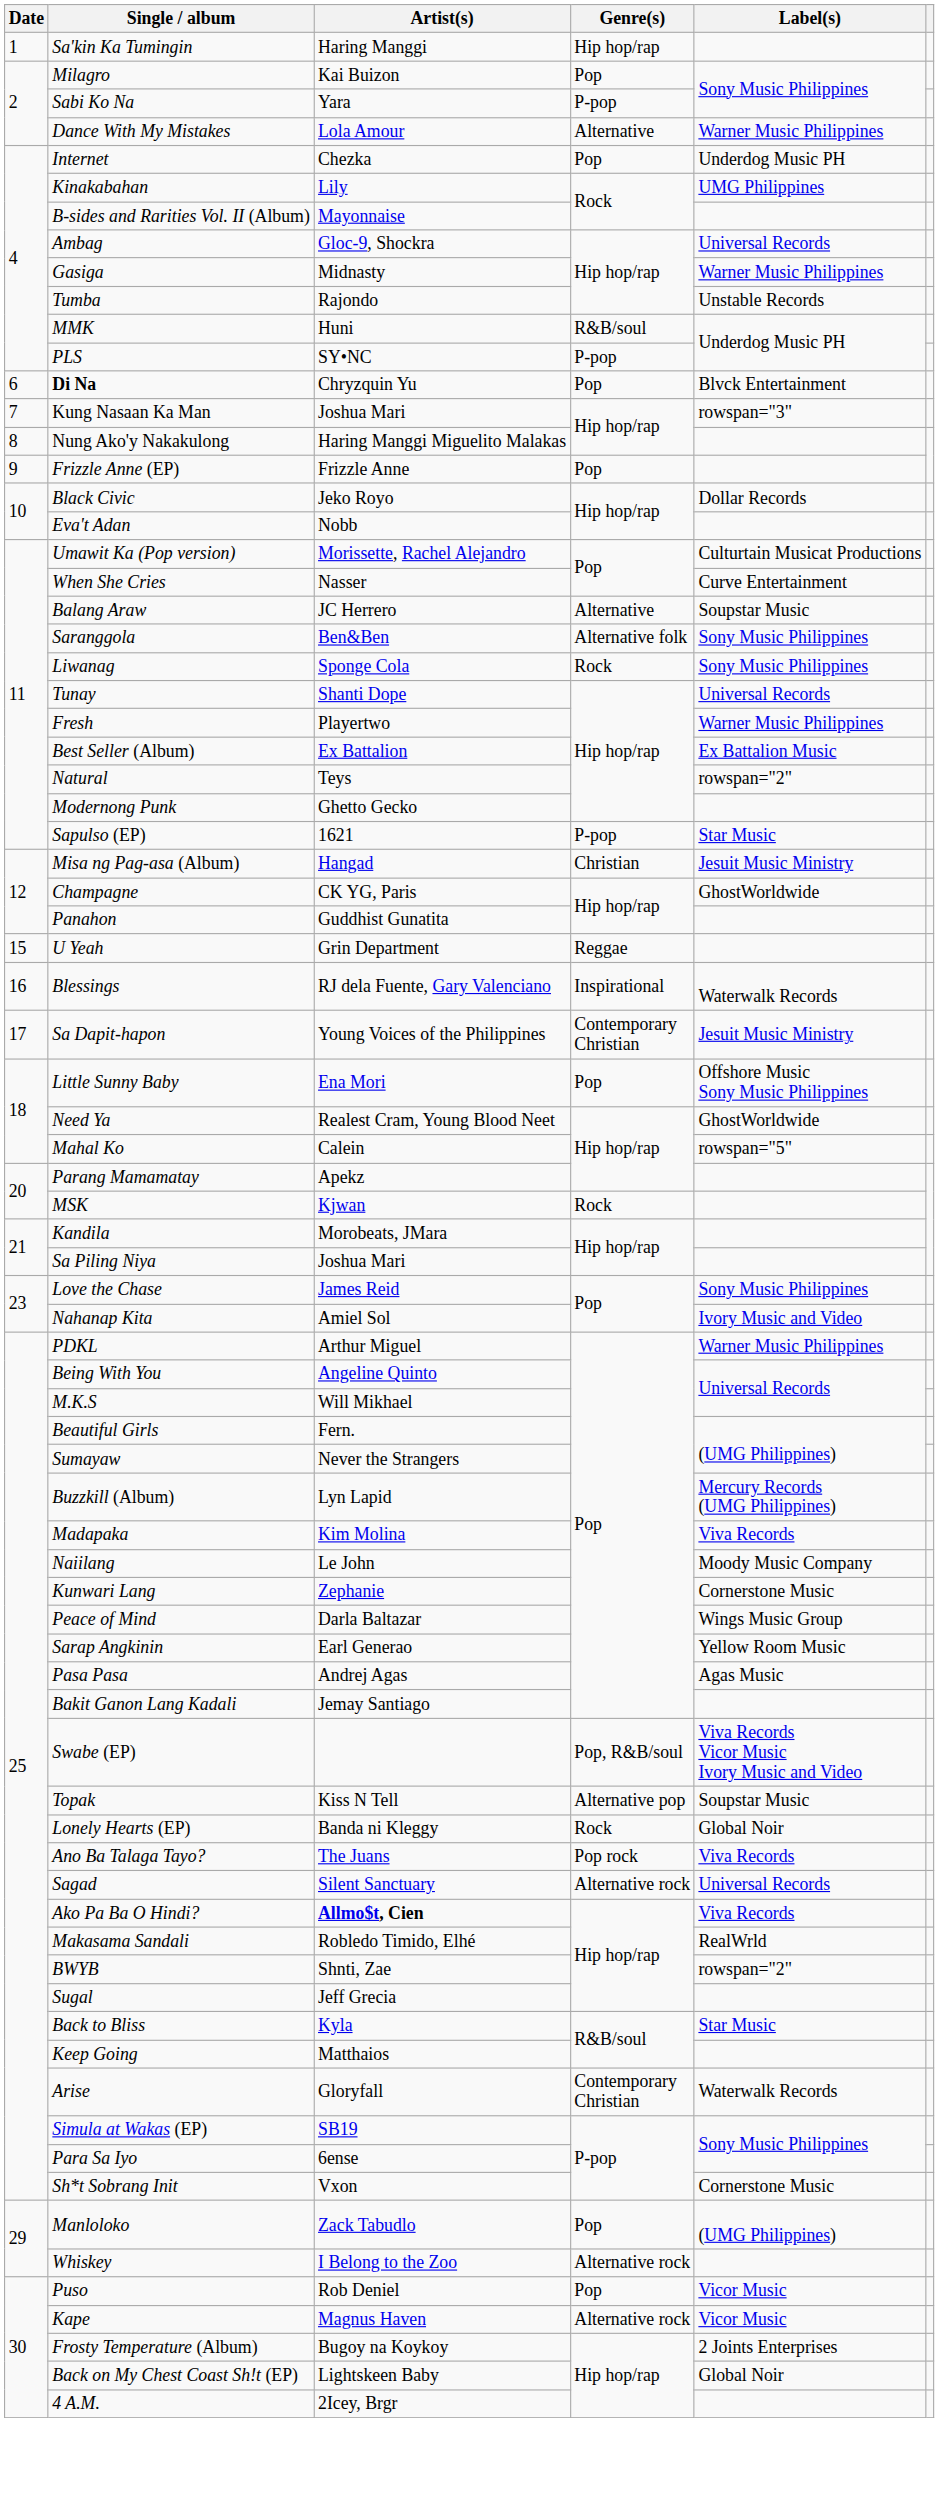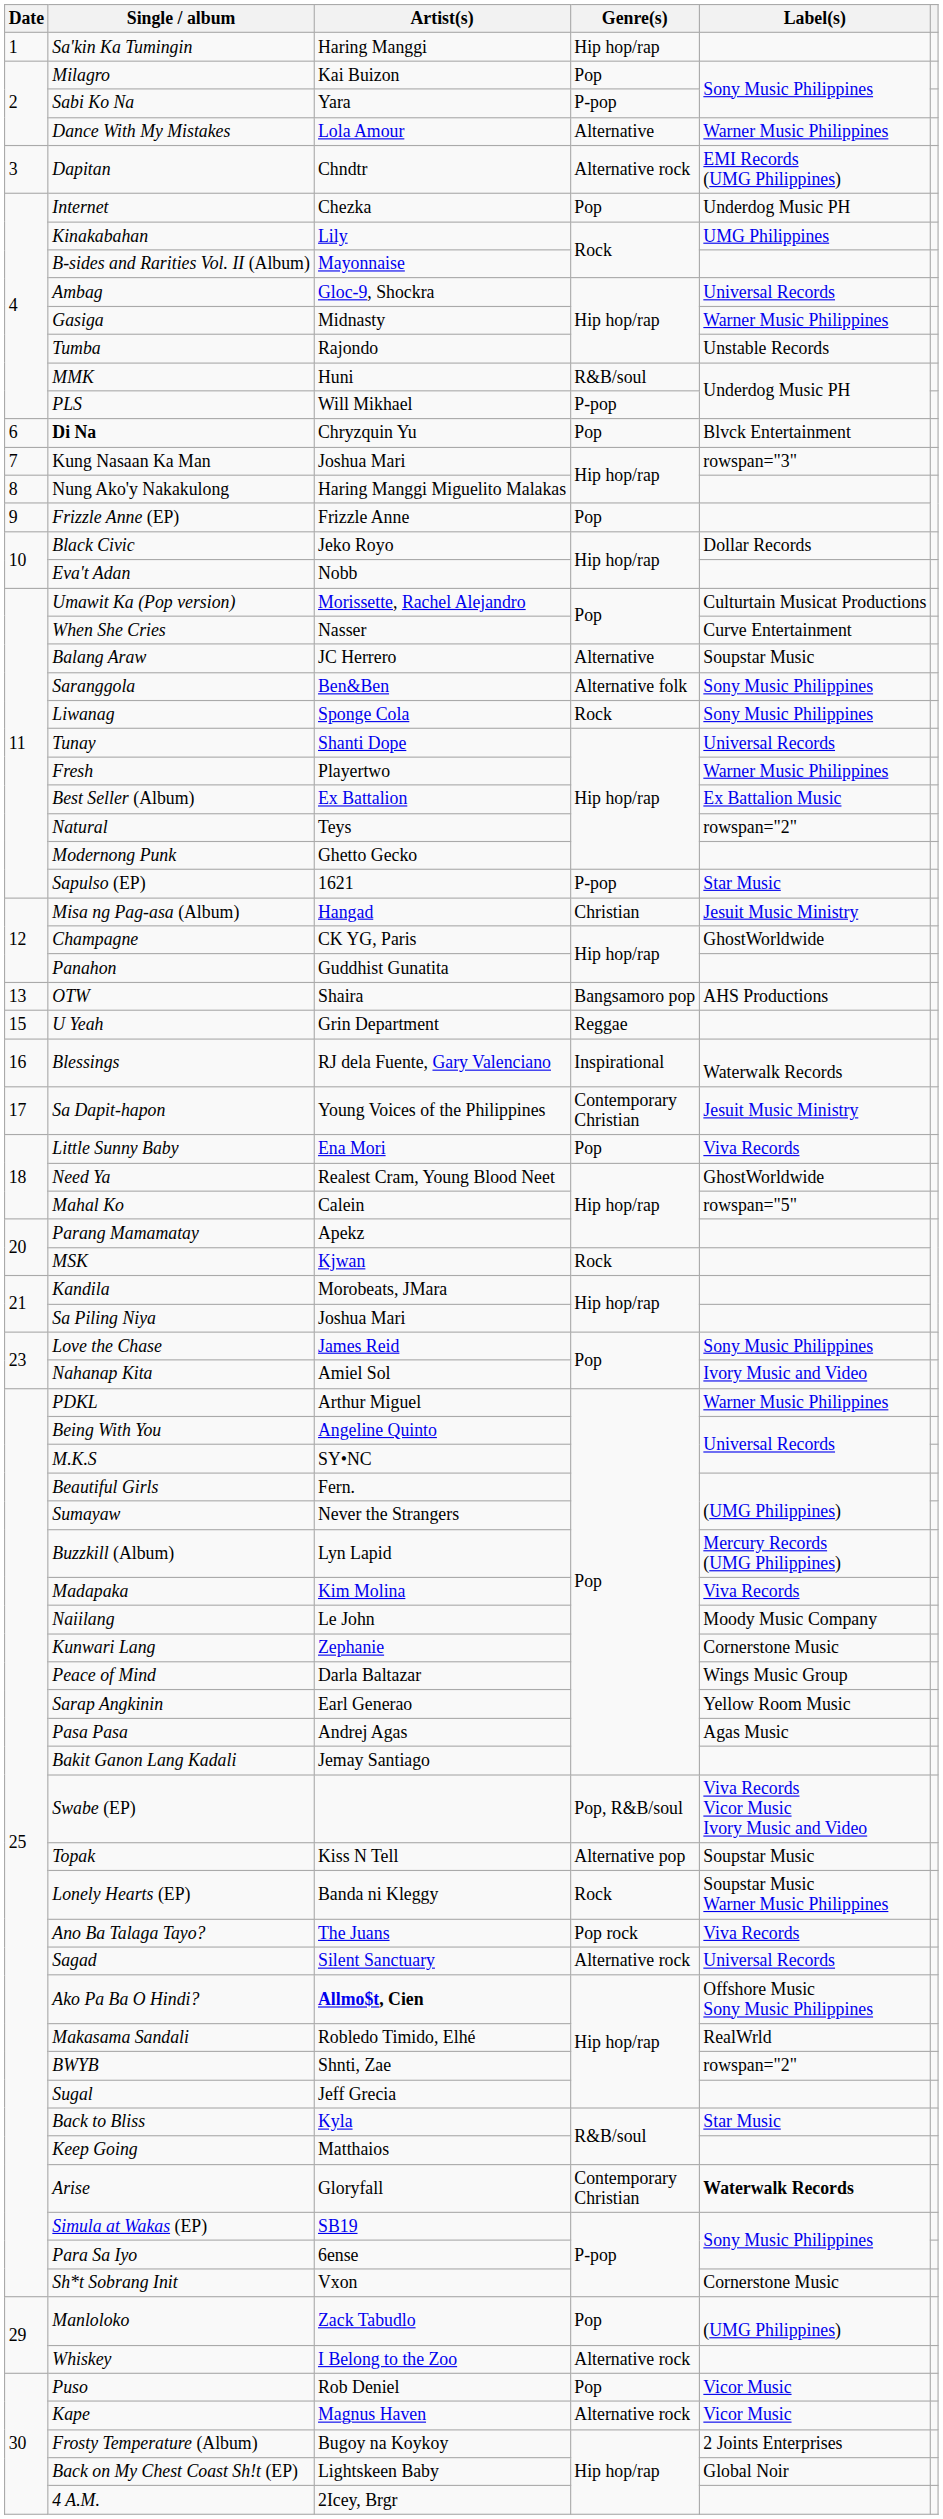 <table class="wikitable">
 <tr>
 <th>Date</th>
 <th>Single / album</th>
 <th>Artist(s)</th>
 <th>Genre(s)</th>
 <th>Label(s)</th>
 <th></th>
 </tr>
 <tr>
 <td>1</td>
 <td><em>Sa'kin Ka Tumingin</em></td>
 <td>Haring Manggi</td>
 <td>Hip hop/rap</td>
 <td></td>
 <td></td>
 </tr>
 <tr>
 <td rowspan="3">2</td>
 <td><em>Milagro</em></td>
 <td>Kai Buizon</td>
 <td>Pop</td>
 <td rowspan="2"><a href='#'>Sony Music Philippines</a></td>
 <td></td>
 </tr>
 <tr>
 <td><em>Sabi Ko Na</em></td>
 <td>Yara</td>
 <td>P-pop</td>
 <td></td>
 </tr>
 <tr>
 <td><em>Dance With My Mistakes</em></td>
 <td><a href='#'>Lola Amour</a></td>
 <td>Alternative</td>
 <td><a href='#'>Warner Music Philippines</a></td>
+<td></td>
+</tr>
+<tr>
+<td>3</td>
+<td><em>Dapitan</em></td>
+<td>Chndtr</td>
+<td>Alternative rock</td>
+<td><a href='#'>EMI Records</a><br>(<a href='#'>UMG Philippines</a>)</td>
 <td></td>
 </tr>
 <tr>
 <td rowspan="8">4</td>
 <td><em>Internet</em></td>
 <td>Chezka</td>
 <td>Pop</td>
 <td>Underdog Music PH</td>
 <td></td>
 </tr>
 <tr>
 <td><em>Kinakabahan</em></td>
 <td><a href='#'>Lily</a></td>
 <td rowspan="2">Rock</td>
 <td><a href='#'>UMG Philippines</a></td>
 <td></td>
 </tr>
 <tr>
 <td><em>B-sides and Rarities Vol. II</em> (Album)</td>
 <td><a href='#'>Mayonnaise</a></td>
 <td></td>
 <td></td>
 </tr>
 <tr>
 <td><em>Ambag</em></td>
 <td><a href='#'>Gloc-9</a>, Shockra</td>
 <td rowspan="3">Hip hop/rap</td>
 <td><a href='#'>Universal Records</a></td>
 <td></td>
 </tr>
 <tr>
 <td><em>Gasiga</em></td>
 <td>Midnasty</td>
 <td><a href='#'>Warner Music Philippines</a></td>
 <td></td>
 </tr>
 <tr>
 <td><em>Tumba</em></td>
 <td>Rajondo</td>
 <td>Unstable Records</td>
 <td></td>
 </tr>
 <tr>
 <td><em>MMK</em></td>
 <td>Huni</td>
 <td>R&B/soul</td>
 <td rowspan="2">Underdog Music PH</td>
 <td></td>
 </tr>
 <tr>
 <td><em>PLS</em></td>
-<td>SY•NC</td>
+<td>Will Mikhael</td>
 <td>P-pop</td>
 <td></td>
 </tr>
 <tr>
 <td>6</td>
 <td><strong>Di Na<em></td>
 <td>Chryzquin Yu</td>
 <td>Pop</td>
 <td>Blvck Entertainment</td>
 <td></td>
 </tr>
 <tr>
 <td>7</td>
 <td></em>Kung Nasaan Ka Man<em></td>
 <td>Joshua Mari</td>
 <td rowspan="2">Hip hop/rap</td>
 <td>rowspan="3" </td>
 <td></td>
 </tr>
 <tr>
 <td>8</td>
 <td></strong>Nung Ako'y Nakakulong</em></td>
 <td>Haring Manggi Miguelito Malakas</td>
 <td></td>
 </tr>
 <tr>
 <td>9</td>
 <td><em>Frizzle Anne</em> (EP)</td>
 <td>Frizzle Anne</td>
 <td>Pop</td>
 <td></td>
 </tr>
 <tr>
 <td rowspan="2">10</td>
 <td><em>Black Civic</em></td>
 <td>Jeko Royo</td>
 <td rowspan="2">Hip hop/rap</td>
 <td>Dollar Records</td>
 <td></td>
 </tr>
 <tr>
 <td><em>Eva't Adan</em></td>
 <td>Nobb</td>
 <td></td>
 <td></td>
 </tr>
 <tr>
 <td rowspan="11">11</td>
 <td><em>Umawit Ka (Pop version)</em></td>
 <td><a href='#'>Morissette</a>, <a href='#'>Rachel Alejandro</a></td>
 <td rowspan="2">Pop</td>
 <td>Culturtain Musicat Productions</td>
 <td></td>
 </tr>
 <tr>
 <td><em>When She Cries</em></td>
 <td>Nasser</td>
 <td>Curve Entertainment</td>
 <td></td>
 </tr>
 <tr>
 <td><em>Balang Araw</em></td>
 <td>JC Herrero</td>
 <td>Alternative</td>
 <td>Soupstar Music</td>
 <td></td>
 </tr>
 <tr>
 <td><em>Saranggola</em></td>
 <td><a href='#'>Ben&Ben</a></td>
 <td>Alternative folk</td>
 <td><a href='#'>Sony Music Philippines</a></td>
 <td></td>
 </tr>
 <tr>
 <td><em>Liwanag</em></td>
 <td><a href='#'>Sponge Cola</a></td>
 <td>Rock</td>
 <td><a href='#'>Sony Music Philippines</a></td>
 <td></td>
 </tr>
 <tr>
 <td><em>Tunay</em></td>
 <td><a href='#'>Shanti Dope</a></td>
 <td rowspan="5">Hip hop/rap</td>
 <td><a href='#'>Universal Records</a></td>
 <td></td>
 </tr>
 <tr>
 <td><em>Fresh</em></td>
 <td>Playertwo</td>
 <td><a href='#'>Warner Music Philippines</a></td>
 <td></td>
 </tr>
 <tr>
 <td><em>Best Seller</em> (Album)</td>
 <td><a href='#'>Ex Battalion</a></td>
 <td><a href='#'>Ex Battalion Music</a></td>
 <td></td>
 </tr>
 <tr>
 <td><em>Natural</em></td>
 <td>Teys</td>
 <td>rowspan="2" </td>
 <td></td>
 </tr>
 <tr>
 <td><em>Modernong Punk</em></td>
 <td>Ghetto Gecko</td>
 <td></td>
 </tr>
 <tr>
 <td><em>Sapulso</em> (EP)</td>
 <td>1621</td>
 <td>P-pop</td>
 <td><a href='#'>Star Music</a></td>
 <td></td>
 </tr>
 <tr>
 <td rowspan="3">12</td>
 <td><em>Misa ng Pag-asa</em> (Album)</td>
 <td><a href='#'>Hangad</a></td>
 <td>Christian</td>
 <td><a href='#'>Jesuit Music Ministry</a></td>
 <td></td>
 </tr>
 <tr>
 <td><em>Champagne</em></td>
 <td>CK YG, Paris</td>
 <td rowspan="2">Hip hop/rap</td>
 <td>GhostWorldwide</td>
 <td></td>
 </tr>
 <tr>
 <td><em>Panahon</em></td>
 <td>Guddhist Gunatita</td>
 <td></td>
 <td></td>
 </tr>
 <tr>
+<td>13</td>
+<td><em>OTW</em></td>
+<td>Shaira</td>
+<td>Bangsamoro pop</td>
+<td>AHS Productions</td>
+<td></td>
+</tr>
+<tr>
 <td>15</td>
 <td><em>U Yeah</em></td>
 <td>Grin Department</td>
 <td>Reggae</td>
 <td></td>
 <td></td>
 </tr>
 <tr>
 <td>16</td>
 <td><em>Blessings</em></td>
 <td>RJ dela Fuente, <a href='#'>Gary Valenciano</a></td>
 <td>Inspirational</td>
 <td><br>Waterwalk Records</td>
 <td></td>
 </tr>
 <tr>
 <td>17</td>
 <td><em>Sa Dapit-hapon</em></td>
 <td>Young Voices of the Philippines</td>
 <td>Contemporary<br>Christian</td>
 <td><a href='#'>Jesuit Music Ministry</a></td>
 <td></td>
 </tr>
 <tr>
 <td rowspan="3">18</td>
 <td><em>Little Sunny Baby</em></td>
 <td><a href='#'>Ena Mori</a></td>
 <td>Pop</td>
-<td>Offshore Music<br><a href='#'>Sony Music Philippines</a></td>
+<td><a href='#'>Viva Records</a></td>
 <td></td>
 </tr>
 <tr>
 <td><em>Need Ya</em></td>
 <td>Realest Cram, Young Blood Neet</td>
 <td rowspan="3">Hip hop/rap</td>
 <td>GhostWorldwide</td>
 <td></td>
 </tr>
 <tr>
 <td><em>Mahal Ko</em></td>
 <td>Calein</td>
 <td>rowspan="5" </td>
 <td></td>
 </tr>
 <tr>
 <td rowspan="2">20</td>
 <td><em>Parang Mamamatay</em></td>
 <td>Apekz</td>
 <td></td>
 </tr>
 <tr>
 <td><em>MSK</em></td>
 <td><a href='#'>Kjwan</a></td>
 <td>Rock</td>
 <td></td>
 </tr>
 <tr>
 <td rowspan="2">21</td>
 <td><em>Kandila</em></td>
 <td>Morobeats, JMara</td>
 <td rowspan="2">Hip hop/rap</td>
 <td></td>
 </tr>
 <tr>
 <td><em>Sa Piling Niya</em></td>
 <td>Joshua Mari</td>
 <td></td>
 </tr>
 <tr>
 <td rowspan="2">23</td>
 <td><em>Love the Chase</em></td>
 <td><a href='#'>James Reid</a></td>
 <td rowspan="2">Pop</td>
 <td><a href='#'>Sony Music Philippines</a></td>
 <td></td>
 </tr>
 <tr>
 <td><em>Nahanap Kita</em></td>
 <td>Amiel Sol</td>
 <td><a href='#'>Ivory Music and Video</a></td>
 <td></td>
 </tr>
 <tr>
 <td rowspan="28">25</td>
 <td><em>PDKL</em></td>
 <td>Arthur Miguel</td>
 <td rowspan="13">Pop</td>
 <td><a href='#'>Warner Music Philippines</a></td>
 <td></td>
 </tr>
 <tr>
 <td><em>Being With You</em></td>
 <td><a href='#'>Angeline Quinto</a></td>
 <td rowspan="2"><a href='#'>Universal Records</a></td>
 <td></td>
 </tr>
 <tr>
 <td><em>M.K.S</em></td>
-<td>Will Mikhael</td>
+<td>SY•NC</td>
 <td></td>
 </tr>
 <tr>
 <td><em>Beautiful Girls</em></td>
 <td>Fern.</td>
 <td rowspan="2"><br>(<a href='#'>UMG Philippines</a>)</td>
 <td></td>
 </tr>
 <tr>
 <td><em>Sumayaw</em></td>
 <td>Never the Strangers</td>
 <td></td>
 </tr>
 <tr>
 <td><em>Buzzkill</em> (Album)</td>
 <td>Lyn Lapid</td>
 <td><a href='#'>Mercury Records</a><br>(<a href='#'>UMG Philippines</a>)</td>
 <td></td>
 </tr>
 <tr>
 <td><em>Madapaka</em></td>
 <td><a href='#'>Kim Molina</a></td>
 <td><a href='#'>Viva Records</a></td>
 <td></td>
 </tr>
 <tr>
 <td><em>Naiilang</em></td>
 <td>Le John</td>
 <td>Moody Music Company</td>
 <td></td>
 </tr>
 <tr>
 <td><em>Kunwari Lang</em></td>
 <td><a href='#'>Zephanie</a></td>
 <td>Cornerstone Music</td>
 <td></td>
 </tr>
 <tr>
 <td><em>Peace of Mind</em></td>
 <td>Darla Baltazar</td>
 <td>Wings Music Group</td>
 <td></td>
 </tr>
 <tr>
 <td><em>Sarap Angkinin</em></td>
 <td>Earl Generao</td>
 <td>Yellow Room Music</td>
 <td></td>
 </tr>
 <tr>
 <td><em>Pasa Pasa</em></td>
 <td>Andrej Agas</td>
 <td>Agas Music</td>
 <td></td>
 </tr>
 <tr>
 <td><em>Bakit Ganon Lang Kadali</em></td>
 <td>Jemay Santiago</td>
 <td></td>
 <td></td>
 </tr>
 <tr>
 <td><em>Swabe</em> (EP)</td>
 <td></td>
 <td>Pop, R&B/soul</td>
 <td><a href='#'>Viva Records</a><br><a href='#'>Vicor Music</a><br><a href='#'>Ivory Music and Video</a></td>
 <td></td>
 </tr>
 <tr>
 <td><em>Topak</em></td>
 <td>Kiss N Tell</td>
 <td>Alternative pop</td>
 <td>Soupstar Music</td>
 <td></td>
 </tr>
 <tr>
 <td><em>Lonely Hearts</em> (EP)</td>
 <td>Banda ni Kleggy</td>
 <td>Rock</td>
-<td>Global Noir</td>
+<td>Soupstar Music<br><a href='#'>Warner Music Philippines</a></td>
 <td></td>
 </tr>
 <tr>
 <td><em>Ano Ba Talaga Tayo?</em></td>
 <td><a href='#'>The Juans</a></td>
 <td>Pop rock</td>
 <td><a href='#'>Viva Records</a></td>
 <td></td>
 </tr>
 <tr>
 <td><em>Sagad</em></td>
 <td><a href='#'>Silent Sanctuary</a></td>
 <td>Alternative rock</td>
 <td><a href='#'>Universal Records</a></td>
 <td></td>
 </tr>
 <tr>
 <td><em>Ako Pa Ba O Hindi?</em></td>
 <td><strong><a href='#'>Allmo$t</a>, Cien</strong></td>
 <td rowspan="4">Hip hop/rap</td>
-<td><a href='#'>Viva Records</a></td>
+<td>Offshore Music<br><a href='#'>Sony Music Philippines</a></td>
 <td></td>
 </tr>
 <tr>
 <td><em>Makasama Sandali</em></td>
 <td>Robledo Timido, Elhé</td>
 <td>RealWrld</td>
 <td></td>
 </tr>
 <tr>
 <td><em>BWYB</em></td>
 <td>Shnti, Zae</td>
 <td>rowspan="2" </td>
 <td></td>
 </tr>
 <tr>
 <td><em>Sugal</em></td>
 <td>Jeff Grecia</td>
 <td></td>
 </tr>
 <tr>
 <td><em>Back to Bliss</em></td>
 <td><a href='#'>Kyla</a></td>
 <td rowspan="2">R&B/soul</td>
 <td><a href='#'>Star Music</a></td>
 <td></td>
 </tr>
 <tr>
 <td><em>Keep Going</em></td>
 <td>Matthaios</td>
 <td></td>
 <td></td>
 </tr>
 <tr>
 <td><em>Arise</em></td>
 <td>Gloryfall</td>
 <td>Contemporary<br>Christian</td>
-<td>Waterwalk Records</td>
+<td><strong>Waterwalk Records</strong></td>
 <td></td>
 </tr>
 <tr>
 <td><em><a href='#'>Simula at Wakas</a></em> (EP)</td>
 <td><a href='#'>SB19</a></td>
 <td rowspan="3">P-pop</td>
 <td rowspan="2"><a href='#'>Sony Music Philippines</a></td>
 <td></td>
 </tr>
 <tr>
 <td><em>Para Sa Iyo</em></td>
 <td>6ense</td>
 <td></td>
 </tr>
 <tr>
 <td><em>Sh*t Sobrang Init</em></td>
 <td>Vxon</td>
 <td>Cornerstone Music</td>
 <td></td>
 </tr>
 <tr>
 <td rowspan="2">29</td>
 <td><em>Manloloko</em></td>
 <td><a href='#'>Zack Tabudlo</a></td>
 <td>Pop</td>
 <td><br>(<a href='#'>UMG Philippines</a>)</td>
 <td></td>
 </tr>
 <tr>
 <td><em>Whiskey</em></td>
 <td><a href='#'>I Belong to the Zoo</a></td>
 <td>Alternative rock</td>
 <td></td>
 <td></td>
 </tr>
 <tr>
 <td rowspan="5">30</td>
 <td><em>Puso</em></td>
 <td>Rob Deniel</td>
 <td>Pop</td>
 <td><a href='#'>Vicor Music</a></td>
 <td></td>
 </tr>
 <tr>
 <td><em>Kape</em></td>
 <td><a href='#'>Magnus Haven</a></td>
 <td>Alternative rock</td>
 <td><a href='#'>Vicor Music</a></td>
 <td></td>
 </tr>
 <tr>
 <td><em>Frosty Temperature</em> (Album)</td>
 <td>Bugoy na Koykoy</td>
 <td rowspan="3">Hip hop/rap</td>
 <td>2 Joints Enterprises</td>
 <td></td>
 </tr>
 <tr>
 <td><em>Back on My Chest Coast Sh!t</em> (EP)</td>
 <td>Lightskeen Baby</td>
 <td>Global Noir</td>
 <td></td>
 </tr>
 <tr>
 <td><em>4 A.M.</em></td>
 <td>2Icey, Brgr</td>
 <td></td>
 <td></td>
 </tr>
 </table>
